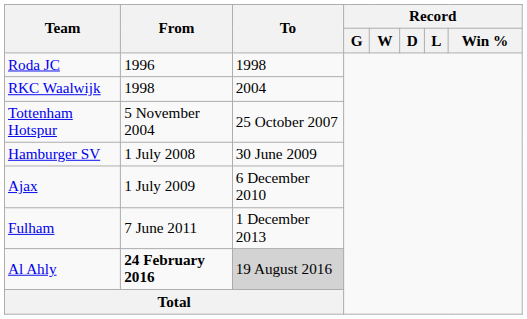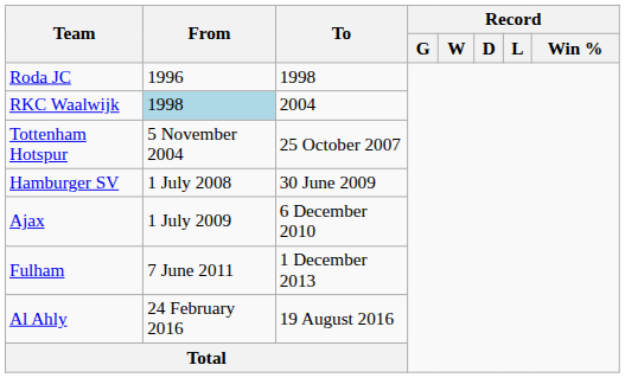 <table class="wikitable" style="text-align: left">
 <tr>
 <th rowspan="2" width="115">Team</th>
 <th rowspan="2" width="110">From</th>
 <th rowspan="2" width="110">To</th>
 <th colspan="5" width="180">Record</th>
 </tr>
 <tr>
 <th>G</th>
 <th>W</th>
 <th>D</th>
 <th>L</th>
 <th>Win %</th>
 </tr>
 <tr>
 <td><a href='#'>Roda JC</a></td>
 <td>1996</td>
 <td>1998<br></td>
 </tr>
 <tr>
 <td><a href='#'>RKC Waalwijk</a></td>
-<td>1998</td>
+<td style="background: lightblue;">1998</td>
 <td>2004<br></td>
 </tr>
 <tr>
 <td><a href='#'>Tottenham Hotspur</a></td>
 <td>5 November 2004</td>
 <td>25 October 2007<br></td>
 </tr>
 <tr>
 <td><a href='#'>Hamburger SV</a></td>
 <td>1 July 2008</td>
 <td>30 June 2009<br></td>
 </tr>
 <tr>
 <td><a href='#'>Ajax</a></td>
 <td>1 July 2009</td>
 <td>6 December 2010<br></td>
 </tr>
 <tr>
 <td><a href='#'>Fulham</a></td>
 <td>7 June 2011</td>
 <td>1 December 2013<br></td>
 </tr>
 <tr>
 <td><a href='#'>Al Ahly</a></td>
-<td><strong>24 February 2016</strong></td>
-<td style="background: lightgrey;">19 August 2016<br></td>
+<td>24 February 2016</td>
+<td>19 August 2016<br></td>
 </tr>
 <tr>
 <th colspan="3">Total<br></th>
 </tr>
 </table>
